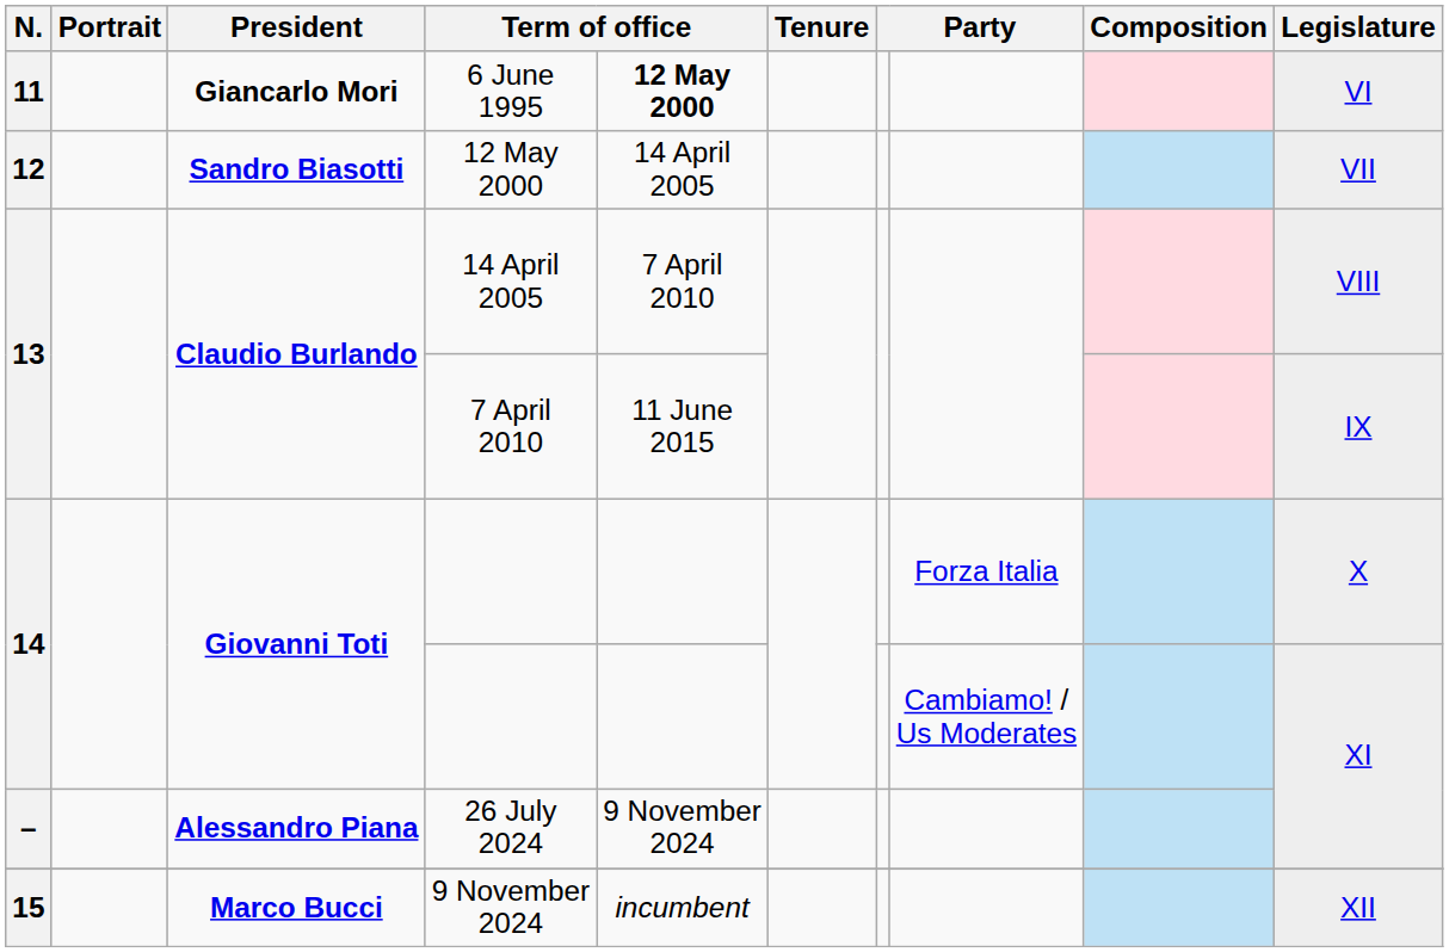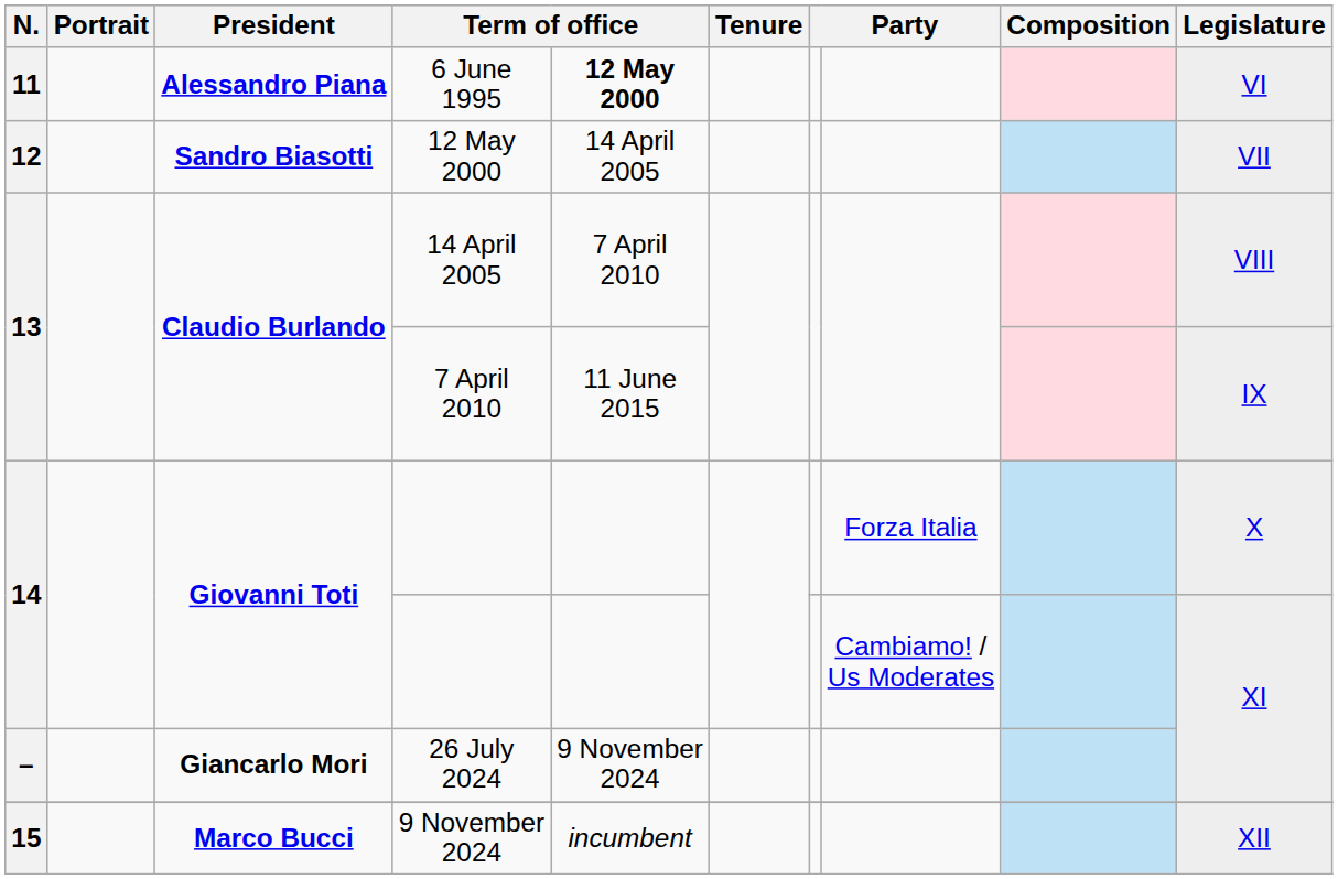 <table class=wikitable style=text-align:center>
 <tr>
 <th>N.</th>
 <th>Portrait</th>
 <th>President</th>
 <th colspan=2>Term of office</th>
 <th>Tenure<br></th>
 <th colspan=2>Party</th>
 <th>Composition</th>
 <th>Legislature</th>
 </tr>
 <tr>
 <th>11</th>
 <td></td>
-<td><strong>Giancarlo Mori</strong><br></td>
+<td><strong><a href='#'>Alessandro Piana</a></strong><br></td>
 <td>6 June<br>1995</td>
 <td><strong>12 May<br>2000</strong></td>
 <td></td>
 <td></td>
 <td></td>
 <td bgcolor=#FFDAE1></td>
 <td bgcolor=#EEEEEE><a href='#'>VI<br></a></td>
 </tr>
 <tr>
 <th>12</th>
 <td></td>
 <td><strong><a href='#'>Sandro Biasotti</a></strong><br></td>
 <td>12 May<br>2000</td>
 <td>14 April<br>2005</td>
 <td></td>
 <td></td>
 <td></td>
 <td bgcolor=#BEE1F5></td>
 <td bgcolor=#EEEEEE><a href='#'>VII<br></a></td>
 </tr>
 <tr style="height:5em;">
 <th rowspan=2>13</th>
 <td rowspan=2></td>
 <td rowspan=2><strong><a href='#'>Claudio Burlando</a></strong><br></td>
 <td>14 April<br>2005</td>
 <td>7 April<br>2010</td>
 <td rowspan=2></td>
 <td rowspan=2></td>
 <td rowspan=2></td>
 <td bgcolor=#FFDAE1></td>
 <td bgcolor=#EEEEEE><a href='#'>VIII<br></a></td>
 </tr>
 <tr style="height:5em;">
 <td>7 April<br>2010</td>
 <td>11 June<br>2015</td>
 <td bgcolor=#FFDAE1></td>
 <td bgcolor=#EEEEEE><a href='#'>IX<br></a></td>
 </tr>
 <tr style="height:5em;">
 <th rowspan=2>14</th>
 <td rowspan=2></td>
 <td rowspan=2><strong><a href='#'>Giovanni Toti</a></strong><br></td>
 <td></td>
 <td></td>
 <td rowspan=2></td>
 <td></td>
 <td><a href='#'>Forza Italia</a></td>
 <td bgcolor=#BEE1F5></td>
 <td bgcolor=#EEEEEE><a href='#'>X<br></a></td>
 </tr>
 <tr style="height:5em;">
 <td></td>
 <td></td>
 <td></td>
 <td><a href='#'>Cambiamo!</a> /<br><a href='#'>Us Moderates</a></td>
 <td bgcolor=#BEE1F5></td>
 <td rowspan=2 bgcolor=#EEEEEE><a href='#'>XI<br></a></td>
 </tr>
 <tr>
 <th>–</th>
 <td></td>
-<td><strong><a href='#'>Alessandro Piana</a></strong><br></td>
+<td><strong>Giancarlo Mori</strong><br></td>
 <td>26 July<br>2024</td>
 <td>9 November<br>2024</td>
 <td {{small></td>
 <td></td>
 <td></td>
 <td bgcolor=#BEE1F5></td>
 </tr>
 <tr>
 </tr>
 <tr>
 <th>15</th>
 <td></td>
 <td><strong><a href='#'>Marco Bucci</a></strong><br></td>
 <td>9 November<br>2024</td>
 <td><em>incumbent</em></td>
 <td></td>
 <td></td>
 <td></td>
 <td bgcolor=#BEE1F5></td>
 <td bgcolor=#EEEEEE><a href='#'>XII<br></a></td>
 </tr>
 <tr>
 </tr>
 </table>
